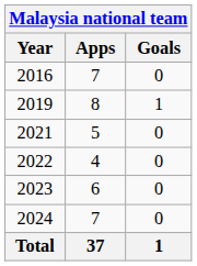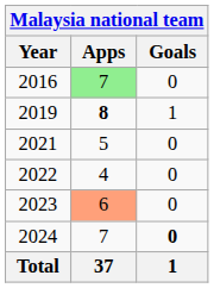 <table class="wikitable" style="text-align:center">
 <tr>
 <th colspan=4><a href='#'>Malaysia national team</a></th>
 </tr>
 <tr>
 <th>Year</th>
 <th>Apps</th>
 <th>Goals</th>
 </tr>
 <tr>
 <td>2016</td>
-<td>7</td>
+<td style="background: lightgreen;">7</td>
 <td>0</td>
 </tr>
 <tr>
 <td>2019</td>
-<td>8</td>
+<td><strong>8</strong></td>
 <td>1</td>
 </tr>
 <tr>
 <td>2021</td>
 <td>5</td>
 <td>0</td>
 </tr>
 <tr>
 <td>2022</td>
 <td>4</td>
 <td>0</td>
 </tr>
 <tr>
 <td>2023</td>
-<td>6</td>
+<td style="background: lightsalmon;">6</td>
 <td>0</td>
 </tr>
 <tr>
 <td>2024</td>
 <td>7</td>
-<td>0</td>
+<td><strong>0</strong></td>
 </tr>
 <tr>
 <th>Total</th>
 <th>37</th>
 <th>1</th>
 </tr>
 </table>
